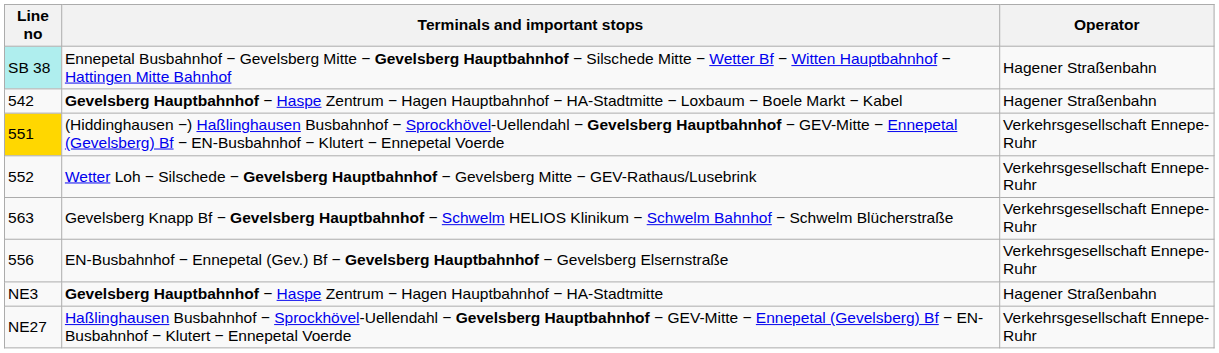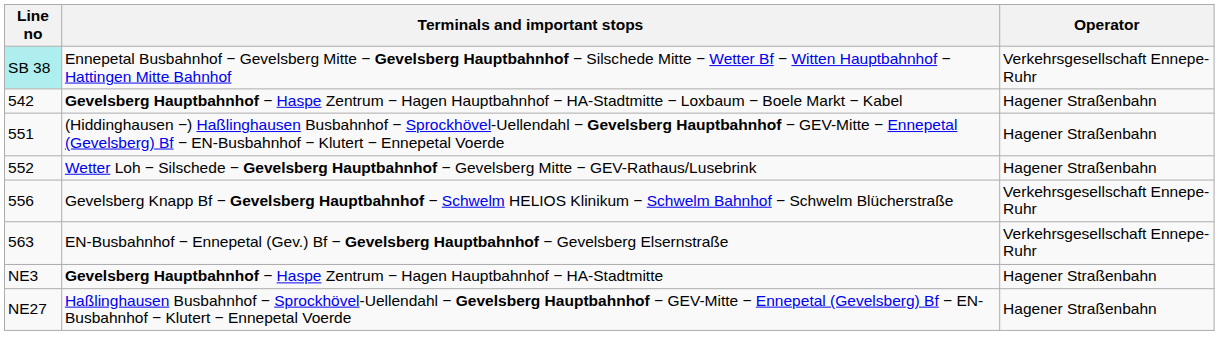 <table class="wikitable">
 <tr>
 <th>Line no</th>
 <th>Terminals and important stops</th>
 <th>Operator</th>
 </tr>
 <tr>
 <td style="background: paleturquoise;">SB 38</td>
 <td>Ennepetal Busbahnhof − Gevelsberg Mitte − <strong>Gevelsberg Hauptbahnhof</strong> − Silschede Mitte − <a href='#'>Wetter Bf</a> − <a href='#'>Witten Hauptbahnhof</a> − <a href='#'>Hattingen Mitte Bahnhof</a></td>
-<td>Hagener Straßenbahn</td>
+<td>Verkehrsgesellschaft Ennepe-Ruhr</td>
 </tr>
 <tr>
 <td>542</td>
 <td><strong>Gevelsberg Hauptbahnhof</strong> − <a href='#'>Haspe</a> Zentrum − Hagen Hauptbahnhof − HA-Stadtmitte − Loxbaum − Boele Markt − Kabel</td>
 <td>Hagener Straßenbahn</td>
 </tr>
 <tr>
-<td style="background: gold;">551</td>
+<td>551</td>
 <td>(Hiddinghausen −) <a href='#'>Haßlinghausen</a> Busbahnhof − <a href='#'>Sprockhövel</a>-Uellendahl − <strong>Gevelsberg Hauptbahnhof</strong> − GEV-Mitte − <a href='#'>Ennepetal (Gevelsberg) Bf</a> − EN-Busbahnhof − Klutert − Ennepetal Voerde</td>
-<td>Verkehrsgesellschaft Ennepe-Ruhr</td>
+<td>Hagener Straßenbahn</td>
 </tr>
 <tr>
 <td>552</td>
 <td><a href='#'>Wetter</a> Loh − Silschede − <strong>Gevelsberg Hauptbahnhof</strong> − Gevelsberg Mitte − GEV-Rathaus/Lusebrink</td>
+<td>Hagener Straßenbahn</td>
+</tr>
+<tr>
+<td>556</td>
+<td>Gevelsberg Knapp Bf − <strong>Gevelsberg Hauptbahnhof</strong> − <a href='#'>Schwelm</a> HELIOS Klinikum − <a href='#'>Schwelm Bahnhof</a> − Schwelm Blücherstraße</td>
 <td>Verkehrsgesellschaft Ennepe-Ruhr</td>
 </tr>
 <tr>
 <td>563</td>
-<td>Gevelsberg Knapp Bf − <strong>Gevelsberg Hauptbahnhof</strong> − <a href='#'>Schwelm</a> HELIOS Klinikum − <a href='#'>Schwelm Bahnhof</a> − Schwelm Blücherstraße</td>
-<td>Verkehrsgesellschaft Ennepe-Ruhr</td>
-</tr>
-<tr>
-<td>556</td>
 <td>EN-Busbahnhof − Ennepetal (Gev.) Bf − <strong>Gevelsberg Hauptbahnhof</strong> − Gevelsberg Elsernstraße</td>
 <td>Verkehrsgesellschaft Ennepe-Ruhr</td>
 </tr>
 <tr>
 <td>NE3</td>
 <td><strong>Gevelsberg Hauptbahnhof</strong> − <a href='#'>Haspe</a> Zentrum − Hagen Hauptbahnhof − HA-Stadtmitte</td>
 <td>Hagener Straßenbahn</td>
 </tr>
 <tr>
 <td>NE27</td>
 <td><a href='#'>Haßlinghausen</a> Busbahnhof − <a href='#'>Sprockhövel</a>-Uellendahl − <strong>Gevelsberg Hauptbahnhof</strong> − GEV-Mitte − <a href='#'>Ennepetal (Gevelsberg) Bf</a> − EN-Busbahnhof − Klutert − Ennepetal Voerde</td>
-<td>Verkehrsgesellschaft Ennepe-Ruhr</td>
+<td>Hagener Straßenbahn</td>
 </tr>
 </table>
